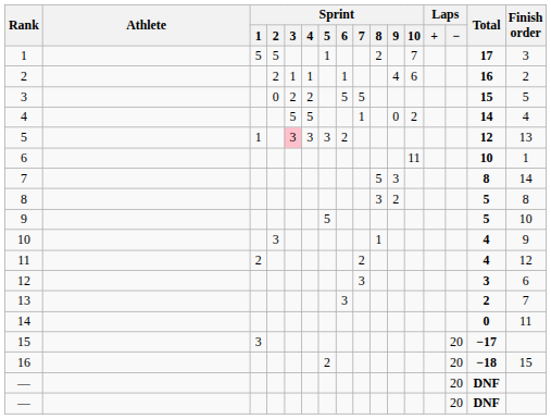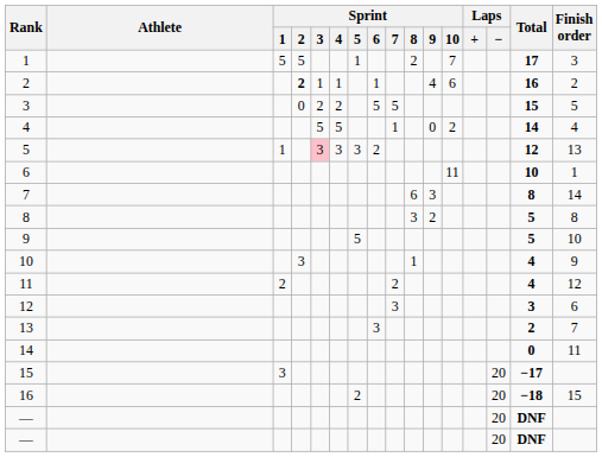 <table class="wikitable" style="text-align:center">
 <tr>
 <th rowspan=2 width=40>Rank</th>
 <th rowspan=2 width=250>Athlete</th>
 <th colspan=10>Sprint</th>
 <th colspan=2>Laps</th>
 <th rowspan=2 width=40>Total</th>
 <th rowspan=2 width=40>Finish order</th>
 </tr>
 <tr>
 <th width=14>1</th>
 <th width=14>2</th>
 <th width=14>3</th>
 <th width=14>4</th>
 <th width=14>5</th>
 <th width=14>6</th>
 <th width=14>7</th>
 <th width=14>8</th>
 <th width=14>9</th>
 <th width=14>10</th>
 <th width=20>+</th>
 <th width=20>−</th>
 </tr>
 <tr>
 <td>1</td>
 <td align=left></td>
 <td>5</td>
 <td>5</td>
 <td></td>
 <td></td>
 <td>1</td>
 <td></td>
 <td></td>
 <td>2</td>
 <td></td>
 <td>7</td>
 <td></td>
 <td></td>
 <td><strong>17</strong></td>
 <td>3</td>
 </tr>
 <tr>
 <td>2</td>
 <td align=left></td>
 <td></td>
-<td>2</td>
+<td><strong>2</strong></td>
 <td>1</td>
 <td>1</td>
 <td></td>
 <td>1</td>
 <td></td>
 <td></td>
 <td>4</td>
 <td>6</td>
 <td></td>
 <td></td>
 <td><strong>16</strong></td>
 <td>2</td>
 </tr>
 <tr>
 <td>3</td>
 <td align=left></td>
 <td></td>
 <td>0</td>
 <td>2</td>
 <td>2</td>
 <td></td>
 <td>5</td>
 <td>5</td>
 <td></td>
 <td></td>
 <td></td>
 <td></td>
 <td></td>
 <td><strong>15</strong></td>
 <td>5</td>
 </tr>
 <tr>
 <td>4</td>
 <td align=left></td>
 <td></td>
 <td></td>
 <td>5</td>
 <td>5</td>
 <td></td>
 <td></td>
 <td>1</td>
 <td></td>
 <td>0</td>
 <td>2</td>
 <td></td>
 <td></td>
 <td><strong>14</strong></td>
 <td>4</td>
 </tr>
 <tr>
 <td>5</td>
 <td align=left></td>
 <td>1</td>
 <td></td>
 <td style="background: pink;">3</td>
 <td>3</td>
 <td>3</td>
 <td>2</td>
 <td></td>
 <td></td>
 <td></td>
 <td></td>
 <td></td>
 <td></td>
 <td><strong>12</strong></td>
 <td>13</td>
 </tr>
 <tr>
 <td>6</td>
 <td align=left></td>
 <td></td>
 <td></td>
 <td></td>
 <td></td>
 <td></td>
 <td></td>
 <td></td>
 <td></td>
 <td></td>
 <td>11</td>
 <td></td>
 <td></td>
 <td><strong>10</strong></td>
 <td>1</td>
 </tr>
 <tr>
 <td>7</td>
 <td align=left></td>
 <td></td>
 <td></td>
 <td></td>
 <td></td>
 <td></td>
 <td></td>
 <td></td>
-<td>5</td>
+<td>6</td>
 <td>3</td>
 <td></td>
 <td></td>
 <td></td>
 <td><strong>8</strong></td>
 <td>14</td>
 </tr>
 <tr>
 <td>8</td>
 <td align=left></td>
 <td></td>
 <td></td>
 <td></td>
 <td></td>
 <td></td>
 <td></td>
 <td></td>
 <td>3</td>
 <td>2</td>
 <td></td>
 <td></td>
 <td></td>
 <td><strong>5</strong></td>
 <td>8</td>
 </tr>
 <tr>
 <td>9</td>
 <td align=left></td>
 <td></td>
 <td></td>
 <td></td>
 <td></td>
 <td>5</td>
 <td></td>
 <td></td>
 <td></td>
 <td></td>
 <td></td>
 <td></td>
 <td></td>
 <td><strong>5</strong></td>
 <td>10</td>
 </tr>
 <tr>
 <td>10</td>
 <td align=left></td>
 <td></td>
 <td>3</td>
 <td></td>
 <td></td>
 <td></td>
 <td></td>
 <td></td>
 <td>1</td>
 <td></td>
 <td></td>
 <td></td>
 <td></td>
 <td><strong>4</strong></td>
 <td>9</td>
 </tr>
 <tr>
 <td>11</td>
 <td align=left></td>
 <td>2</td>
 <td></td>
 <td></td>
 <td></td>
 <td></td>
 <td></td>
 <td>2</td>
 <td></td>
 <td></td>
 <td></td>
 <td></td>
 <td></td>
 <td><strong>4</strong></td>
 <td>12</td>
 </tr>
 <tr>
 <td>12</td>
 <td align=left></td>
 <td></td>
 <td></td>
 <td></td>
 <td></td>
 <td></td>
 <td></td>
 <td>3</td>
 <td></td>
 <td></td>
 <td></td>
 <td></td>
 <td></td>
 <td><strong>3</strong></td>
 <td>6</td>
 </tr>
 <tr>
 <td>13</td>
 <td align=left></td>
 <td></td>
 <td></td>
 <td></td>
 <td></td>
 <td></td>
 <td>3</td>
 <td></td>
 <td></td>
 <td></td>
 <td></td>
 <td></td>
 <td></td>
 <td><strong>2</strong></td>
 <td>7</td>
 </tr>
 <tr>
 <td>14</td>
 <td align=left></td>
 <td></td>
 <td></td>
 <td></td>
 <td></td>
 <td></td>
 <td></td>
 <td></td>
 <td></td>
 <td></td>
 <td></td>
 <td></td>
 <td></td>
 <td><strong>0</strong></td>
 <td>11</td>
 </tr>
 <tr>
 <td>15</td>
 <td align=left></td>
 <td>3</td>
 <td></td>
 <td></td>
 <td></td>
 <td></td>
 <td></td>
 <td></td>
 <td></td>
 <td></td>
 <td></td>
 <td></td>
 <td>20</td>
 <td><strong>−17</strong></td>
 <td></td>
 </tr>
 <tr>
 <td>16</td>
 <td align=left></td>
 <td></td>
 <td></td>
 <td></td>
 <td></td>
 <td>2</td>
 <td></td>
 <td></td>
 <td></td>
 <td></td>
 <td></td>
 <td></td>
 <td>20</td>
 <td><strong>−18</strong></td>
 <td>15</td>
 </tr>
 <tr>
 <td>—</td>
 <td align=left></td>
 <td></td>
 <td></td>
 <td></td>
 <td></td>
 <td></td>
 <td></td>
 <td></td>
 <td></td>
 <td></td>
 <td></td>
 <td></td>
 <td>20</td>
 <td><strong>DNF</strong></td>
 <td></td>
 </tr>
 <tr>
 <td>—</td>
 <td align=left></td>
 <td></td>
 <td></td>
 <td></td>
 <td></td>
 <td></td>
 <td></td>
 <td></td>
 <td></td>
 <td></td>
 <td></td>
 <td></td>
 <td>20</td>
 <td><strong>DNF</strong></td>
 <td></td>
 </tr>
 </table>
